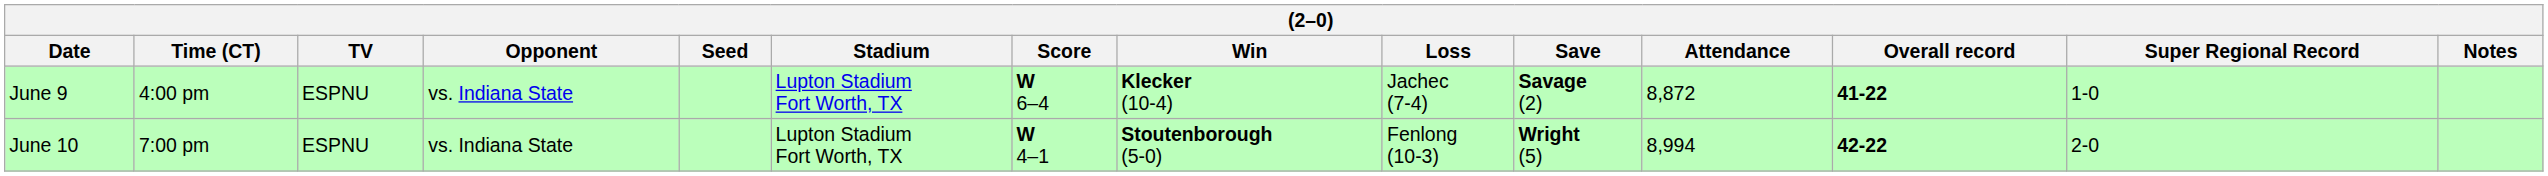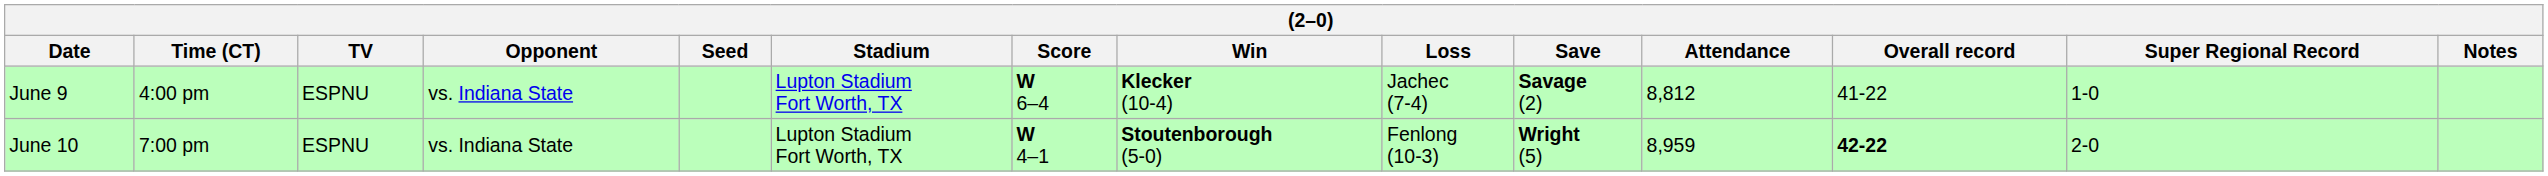 <table class="wikitable collapsible" style="margin:auto; font-size:95%; width:100%">
 <tr>
 <th colspan=15 style="padding-left:4em;"> (2–0)</th>
 </tr>
 <tr>
 <th>Date</th>
 <th>Time (CT)</th>
 <th>TV</th>
 <th>Opponent</th>
 <th>Seed</th>
 <th>Stadium</th>
 <th>Score</th>
 <th>Win</th>
 <th>Loss</th>
 <th>Save</th>
 <th>Attendance</th>
 <th>Overall record</th>
 <th>Super Regional Record</th>
 <th>Notes</th>
 </tr>
 <tr bgcolor="#bbffbb">
 <td>June 9</td>
 <td>4:00 pm</td>
 <td>ESPNU</td>
 <td>vs. <a href='#'>Indiana State</a></td>
 <td></td>
 <td><a href='#'>Lupton Stadium</a><br><a href='#'>Fort Worth, TX</a></td>
 <td><strong>W</strong><br>6–4</td>
 <td><strong>Klecker</strong><br>(10-4)</td>
 <td>Jachec<br>(7-4)</td>
 <td><strong>Savage</strong><br>(2)</td>
-<td>8,872</td>
-<td><strong>41-22</strong></td>
+<td>8,812</td>
+<td>41-22</td>
 <td>1-0</td>
 <td></td>
 </tr>
 <tr bgcolor="#bbffbb">
 <td>June 10</td>
 <td>7:00 pm</td>
 <td>ESPNU</td>
 <td>vs. Indiana State</td>
 <td></td>
 <td>Lupton Stadium<br>Fort Worth, TX</td>
 <td><strong>W</strong><br>4–1</td>
 <td><strong>Stoutenborough</strong><br>(5-0)</td>
 <td>Fenlong<br>(10-3)</td>
 <td><strong>Wright</strong><br>(5)</td>
-<td>8,994</td>
+<td>8,959</td>
 <td><strong>42-22</strong></td>
 <td>2-0</td>
 <td></td>
 </tr>
 </table>
